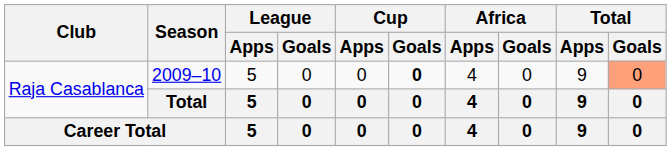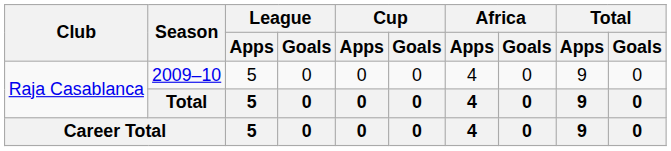 <table class="wikitable" style="text-align:center">
 <tr>
 <th rowspan=2>Club</th>
 <th rowspan=2>Season</th>
 <th colspan=2>League</th>
 <th colspan=2>Cup</th>
 <th colspan=2>Africa</th>
 <th colspan=2>Total</th>
 </tr>
 <tr>
 <th>Apps</th>
 <th>Goals</th>
 <th>Apps</th>
 <th>Goals</th>
 <th>Apps</th>
 <th>Goals</th>
 <th>Apps</th>
 <th>Goals</th>
 </tr>
 <tr>
 <td rowspan=2 valign="center"><a href='#'>Raja Casablanca</a></td>
 <td><a href='#'>2009–10</a></td>
 <td>5</td>
 <td>0</td>
 <td>0</td>
-<td><strong>0</strong></td>
+<td>0</td>
 <td>4</td>
 <td>0</td>
 <td>9</td>
-<td style="background: lightsalmon;">0</td>
+<td>0</td>
 </tr>
 <tr>
 <th>Total</th>
 <th>5</th>
 <th>0</th>
 <th>0</th>
 <th>0</th>
 <th>4</th>
 <th>0</th>
 <th>9</th>
 <th>0</th>
 </tr>
 <tr>
 <th colspan=2>Career Total</th>
 <th>5</th>
 <th>0</th>
 <th>0</th>
 <th>0</th>
 <th>4</th>
 <th>0</th>
 <th>9</th>
 <th>0</th>
 </tr>
 </table>
